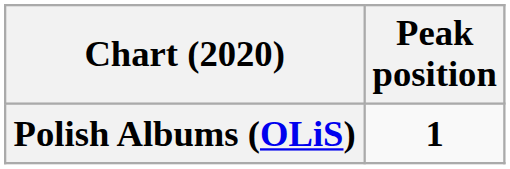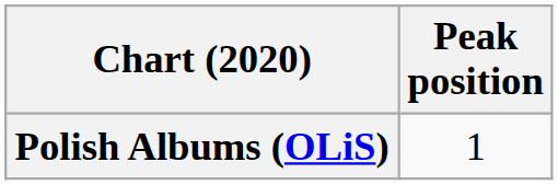 <table class="wikitable plainrowheaders" style="text-align:center">
 <tr>
 <th>Chart (2020)</th>
 <th>Peak<br>position</th>
 </tr>
 <tr>
 <th scope="row">Polish Albums (<a href='#'>OLiS</a>)</th>
-<td><strong>1</strong></td>
+<td>1</td>
 </tr>
 </table>
